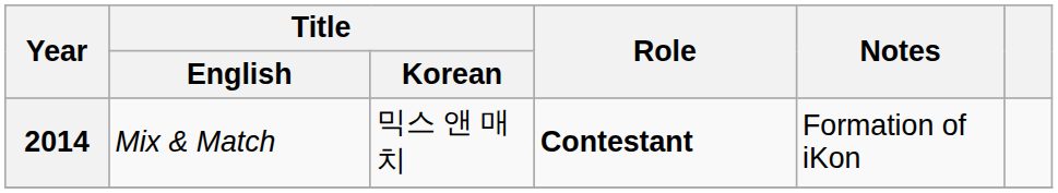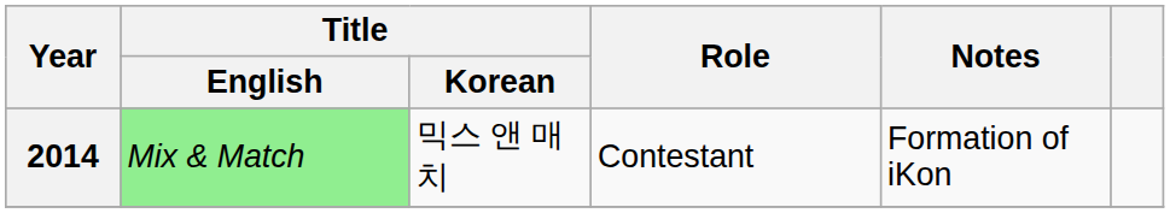 <table class="wikitable sortable plainrowheaders" style="width:65%">
 <tr>
 <th scope="col" rowspan="2" style="width:5%">Year</th>
 <th scope="col" colspan="2" style="width:30%">Title</th>
 <th scope="col" rowspan="2" style="width:17%">Role</th>
 <th scope="col" rowspan="2" style="width:13%">Notes</th>
 <th scope="col" rowspan="2" class="unsortable" style="width:3%"></th>
 </tr>
 <tr>
 <th scope="col" style="width:17%">English</th>
 <th scope="col" style="width:10%">Korean</th>
 </tr>
 <tr>
 <th scope="row">2014</th>
-<td><em>Mix & Match</em></td>
+<td style="background: lightgreen;"><em>Mix & Match</em></td>
 <td>믹스 앤 매치</td>
-<td><strong>Contestant</strong></td>
+<td>Contestant</td>
 <td>Formation of iKon</td>
 <td style="text-align:center"></td>
 </tr>
 <tr>
 </tr>
 </table>
